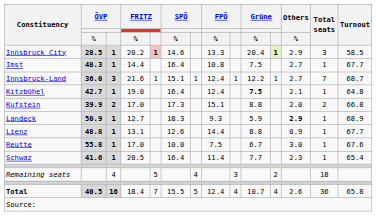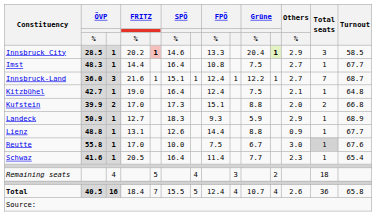 <table class="wikitable" style="text-align:center;font-size:90%;line-height:16px">
 <tr style="height:40px;">
 <th style="width:120px;" rowspan="3">Constituency</th>
 <th style="width:60px;" colspan="2"><a href='#'>ÖVP</a></th>
 <th style="width:60px;" colspan="2"><a href='#'>FRITZ</a></th>
 <th style="width:60px;" colspan="2"><a href='#'>SPÖ</a></th>
 <th style="width:60px;" colspan="2"><a href='#'>FPÖ</a></th>
 <th style="width:60px;" colspan="2"><a href='#'>Grüne</a></th>
 <th class="unsortable" style="width:40px;" rowspan="2">Others</th>
 <th class="unsortable" style="width:40px;" rowspan="3">Total<br>seats</th>
 <th class="unsortable" style="width:40px;" rowspan="3">Turnout</th>
 </tr>
 <tr>
 <th colspan="2" style="background:"></th>
 <th colspan="2" style="background:#E43226;"></th>
 <th colspan="2" style="background:"></th>
 <th colspan="2" style="background:"></th>
 <th colspan="2" style="background:"></th>
 </tr>
 <tr>
 <th class=unsortable>%</th>
 <th class=unsortable></th>
 <th class=unsortable>%</th>
 <th class=unsortable></th>
 <th class=unsortable>%</th>
 <th class=unsortable></th>
 <th class=unsortable>%</th>
 <th class=unsortable></th>
 <th class=unsortable>%</th>
 <th class=unsortable></th>
 <th class=unsortable>%</th>
 </tr>
 <tr>
 <td align=left><a href='#'>Innsbruck City</a></td>
 <td bgcolor=#D9D9D9><strong>28.5</strong></td>
 <td bgcolor=#D9D9D9><strong>1</strong></td>
 <td>20.2</td>
 <td bgcolor=#F7BFBB><strong>1</strong></td>
 <td>14.6</td>
 <td></td>
 <td>13.3</td>
 <td></td>
 <td>20.4</td>
 <td bgcolor=#E2F2C0><strong>1</strong></td>
 <td>2.9</td>
 <td>3</td>
 <td>58.5</td>
 </tr>
 <tr>
 <td align=left><a href='#'>Imst</a></td>
 <td bgcolor=#D9D9D9><strong>48.3</strong></td>
 <td bgcolor=#D9D9D9><strong>1</strong></td>
 <td>14.4</td>
 <td></td>
 <td>16.4</td>
 <td></td>
 <td>10.8</td>
 <td></td>
 <td>7.5</td>
 <td></td>
 <td>2.7</td>
 <td>1</td>
 <td>67.7</td>
 </tr>
 <tr>
 <td align=left><a href='#'>Innsbruck-Land</a></td>
 <td bgcolor=#D9D9D9><strong>36.0</strong></td>
 <td bgcolor=#D9D9D9><strong>3</strong></td>
 <td>21.6</td>
 <td>1</td>
 <td>15.1</td>
 <td>1</td>
 <td>12.4</td>
 <td>1</td>
 <td>12.2</td>
 <td>1</td>
 <td>2.7</td>
 <td>7</td>
 <td>68.7</td>
 </tr>
 <tr>
 <td align=left><a href='#'>Kitzbühel</a></td>
 <td bgcolor=#D9D9D9><strong>42.7</strong></td>
 <td bgcolor=#D9D9D9><strong>1</strong></td>
 <td>19.0</td>
 <td></td>
 <td>16.4</td>
 <td></td>
 <td>12.4</td>
 <td></td>
-<td><strong>7.5</strong></td>
+<td>7.5</td>
 <td></td>
 <td>2.1</td>
 <td>1</td>
 <td>64.8</td>
 </tr>
 <tr>
 <td align=left><a href='#'>Kufstein</a></td>
 <td bgcolor=#D9D9D9><strong>39.9</strong></td>
 <td bgcolor=#D9D9D9><strong>2</strong></td>
 <td>17.0</td>
 <td></td>
 <td>17.3</td>
 <td></td>
 <td>15.1</td>
 <td></td>
 <td>8.8</td>
 <td></td>
 <td>2.0</td>
 <td>2</td>
 <td>66.8</td>
 </tr>
 <tr>
 <td align=left><a href='#'>Landeck</a></td>
 <td bgcolor=#D9D9D9><strong>50.9</strong></td>
 <td bgcolor=#D9D9D9><strong>1</strong></td>
 <td>12.7</td>
 <td></td>
 <td>18.3</td>
 <td></td>
 <td>9.3</td>
 <td></td>
 <td>5.9</td>
 <td></td>
-<td><strong>2.9</strong></td>
+<td>2.9</td>
 <td>1</td>
 <td>68.9</td>
 </tr>
 <tr>
 <td align=left><a href='#'>Lienz</a></td>
 <td bgcolor=#D9D9D9><strong>48.8</strong></td>
 <td bgcolor=#D9D9D9><strong>1</strong></td>
 <td>13.1</td>
 <td></td>
 <td>12.6</td>
 <td></td>
 <td>14.4</td>
 <td></td>
 <td>8.8</td>
 <td></td>
 <td>0.9</td>
 <td>1</td>
 <td>67.7</td>
 </tr>
 <tr>
 <td align=left><a href='#'>Reutte</a></td>
 <td bgcolor=#D9D9D9><strong>55.8</strong></td>
 <td bgcolor=#D9D9D9><strong>1</strong></td>
 <td>17.0</td>
 <td></td>
 <td>10.0</td>
 <td></td>
 <td>7.5</td>
 <td></td>
 <td>6.7</td>
 <td></td>
 <td>3.0</td>
-<td>1</td>
+<td style="background: lightgrey;">1</td>
 <td>67.6</td>
 </tr>
 <tr>
 <td align=left><a href='#'>Schwaz</a></td>
 <td bgcolor=#D9D9D9><strong>41.6</strong></td>
 <td bgcolor=#D9D9D9><strong>1</strong></td>
 <td>20.5</td>
 <td></td>
 <td>16.4</td>
 <td></td>
 <td>11.4</td>
 <td></td>
 <td>7.7</td>
 <td></td>
 <td>2.3</td>
 <td>1</td>
 <td>65.4</td>
 </tr>
 <tr>
 <td colspan=14 bgcolor=lightgrey></td>
 </tr>
 <tr>
 <td align=left><em>Remaining seats</em></td>
 <td></td>
 <td>4</td>
 <td></td>
 <td>5</td>
 <td></td>
 <td>4</td>
 <td></td>
 <td>3</td>
 <td></td>
 <td>2</td>
 <td></td>
 <td>18</td>
 <td></td>
 </tr>
 <tr>
 <td colspan=14 bgcolor=lightgrey></td>
 </tr>
 <tr>
 <td align=left><strong>Total</strong></td>
 <td bgcolor=#D9D9D9><strong>40.5</strong></td>
 <td bgcolor=#D9D9D9><strong>16</strong></td>
 <td>18.4</td>
 <td>7</td>
 <td>15.5</td>
 <td>5</td>
 <td>12.4</td>
 <td>4</td>
 <td>10.7</td>
 <td>4</td>
 <td>2.6</td>
 <td>36</td>
 <td>65.8</td>
 </tr>
 <tr class=sortbottom>
 <td colspan=14 align=left>Source: </td>
 </tr>
 </table>
